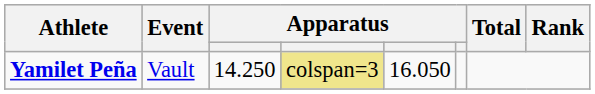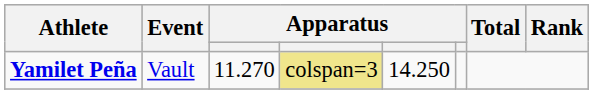 <table class="wikitable" style="font-size:90%">
 <tr>
 <th rowspan=2>Athlete</th>
 <th rowspan=2>Event</th>
 <th colspan=4>Apparatus</th>
 <th rowspan=2>Total</th>
 <th rowspan=2>Rank</th>
 </tr>
 <tr style="font-size:95%">
 <th></th>
 <th></th>
 <th></th>
 <th></th>
 </tr>
 <tr align=center>
 <td align=left rowspan=2><strong><a href='#'>Yamilet Peña</a></strong></td>
 <td align=left><a href='#'>Vault</a></td>
+<td>11.270</td>
+<td style="background: khaki;">colspan=3 </td>
 <td>14.250</td>
-<td style="background: khaki;">colspan=3 </td>
-<td>16.050</td>
 <td></td>
 </tr>
 </table>
